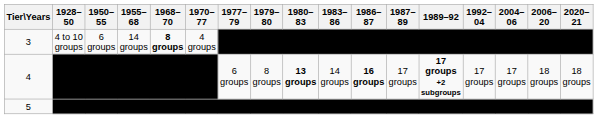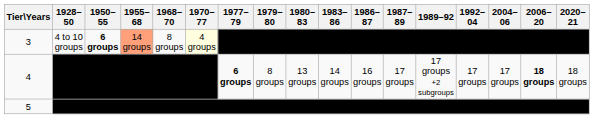 <table class="wikitable" style="text-align: center; font-size:90%">
 <tr>
 <th>Tier\Years</th>
 <th>1928–50</th>
 <th>1950–55</th>
 <th>1955–68</th>
 <th>1968–70</th>
 <th>1970–77</th>
 <th>1977–79</th>
 <th>1979–80</th>
 <th>1980–83</th>
 <th>1983–86</th>
 <th>1986–87</th>
 <th>1987–89</th>
 <th>1989–92</th>
 <th>1992–04</th>
 <th>2004–06</th>
 <th>2006–20</th>
 <th>2020–21</th>
 </tr>
 <tr>
 <td>3</td>
 <td>4 to 10 groups</td>
-<td>6 groups</td>
-<td>14 groups</td>
-<td><strong>8 groups</strong></td>
-<td>4 groups</td>
+<td><strong>6 groups</strong></td>
+<td style="background: lightsalmon;">14 groups</td>
+<td>8 groups</td>
+<td style="background: lightyellow;">4 groups</td>
 <td colspan=11 bgcolor=black></td>
 </tr>
 <tr>
 <td>4</td>
 <td colspan=5 bgcolor=black></td>
-<td>6 groups</td>
+<td><strong>6 groups</strong></td>
 <td>8 groups</td>
-<td><strong>13 groups</strong></td>
+<td>13 groups</td>
 <td>14 groups</td>
-<td><strong>16 groups</strong></td>
+<td>16 groups</td>
 <td>17 groups</td>
-<td><strong>17 groups<small><br>+2 subgroups<br></small></strong></td>
+<td>17 groups<small><br>+2 subgroups<br></small></td>
 <td>17 groups</td>
 <td>17 groups</td>
-<td>18<br>groups</td>
+<td><strong>18<br>groups</strong></td>
 <td>18 groups</td>
 </tr>
 <tr>
 <td>5</td>
 <td colspan=16 bgcolor=black></td>
 </tr>
 </table>
